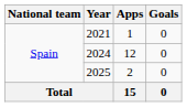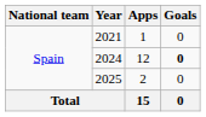 <table class="wikitable" style="text-align: center;">
 <tr>
 <th>National team</th>
 <th>Year</th>
 <th>Apps</th>
 <th>Goals</th>
 </tr>
 <tr>
 <td rowspan="3"><a href='#'>Spain</a></td>
 <td>2021</td>
 <td>1</td>
 <td>0</td>
 </tr>
 <tr>
 <td>2024</td>
 <td>12</td>
-<td>0</td>
+<td><strong>0</strong></td>
 </tr>
 <tr>
 <td>2025</td>
 <td>2</td>
 <td>0</td>
 </tr>
 <tr>
 <th colspan="2">Total</th>
 <th>15</th>
 <th>0</th>
 </tr>
 </table>
